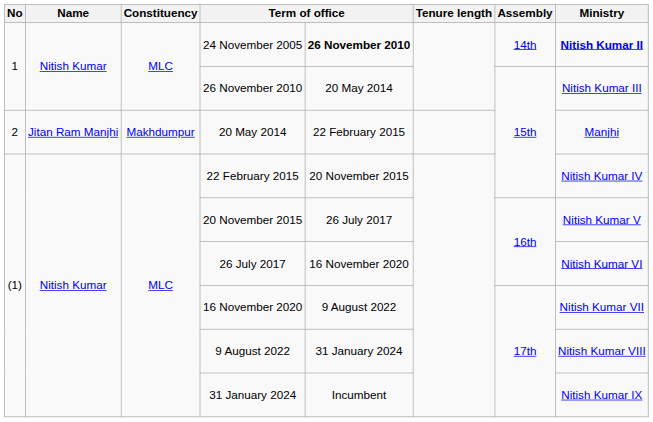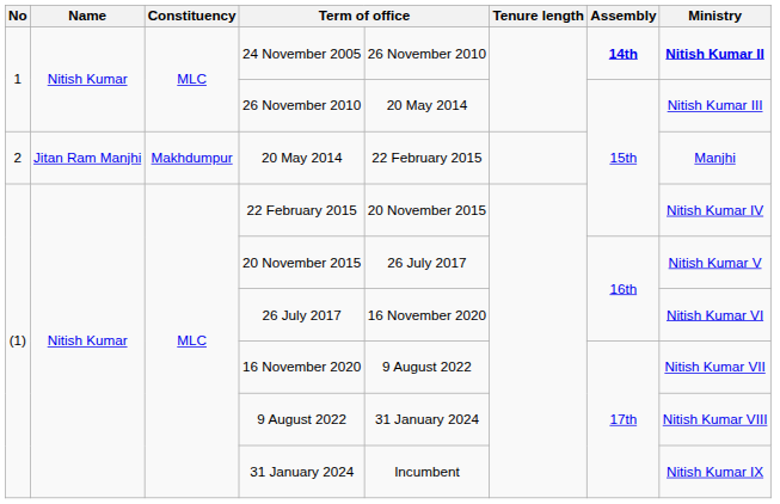 <table class="wikitable">
 <tr>
 <th style="background-color:">No</th>
 <th style="background-color:">Name</th>
 <th style="background-color:">Constituency</th>
 <th colspan=2; style="background-color:">Term of office</th>
 <th style="background-color:">Tenure length</th>
 <th style="background-color:">Assembly</th>
 <th style="background-color:">Ministry</th>
 </tr>
 <tr style="text-align:center; height:60px;">
 <td rowspan=2>1</td>
 <td rowspan=2><a href='#'>Nitish Kumar</a></td>
 <td rowspan=2><a href='#'>MLC</a></td>
 <td>24 November 2005</td>
-<td><strong>26 November 2010</strong></td>
+<td>26 November 2010</td>
 <td rowspan=2></td>
-<td><a href='#'>14th</a></td>
+<td><strong><a href='#'>14th</a></strong></td>
 <td><strong><a href='#'>Nitish Kumar II</a></strong></td>
 </tr>
 <tr style="text-align:center; height:60px;">
 <td>26 November 2010</td>
 <td>20 May 2014</td>
 <td rowspan=3><a href='#'>15th</a></td>
 <td><a href='#'>Nitish Kumar III</a></td>
 </tr>
 <tr style="text-align:center; height:60px;">
 <td>2</td>
 <td><a href='#'>Jitan Ram Manjhi</a></td>
 <td><a href='#'>Makhdumpur</a></td>
 <td>20 May 2014</td>
 <td>22 February 2015</td>
 <td></td>
 <td><a href='#'>Manjhi</a></td>
 </tr>
 <tr style="text-align:center; height:60px;">
 <td rowspan=6>(1)</td>
 <td rowspan=6><a href='#'>Nitish Kumar</a></td>
 <td rowspan=6><a href='#'>MLC</a></td>
 <td>22 February 2015</td>
 <td>20 November 2015</td>
 <td rowspan=6></td>
 <td><a href='#'>Nitish Kumar IV</a></td>
 </tr>
 <tr style="text-align:center; height:60px;">
 <td>20 November 2015</td>
 <td>26 July 2017</td>
 <td rowspan=2><a href='#'>16th</a></td>
 <td><a href='#'>Nitish Kumar V</a></td>
 </tr>
 <tr style="text-align:center; height:60px;">
 <td>26 July 2017</td>
 <td>16 November 2020</td>
 <td><a href='#'>Nitish Kumar VI</a></td>
 </tr>
 <tr style="text-align:center; height:60px;">
 <td>16 November 2020</td>
 <td>9 August 2022</td>
 <td rowspan=3><a href='#'>17th</a></td>
 <td><a href='#'>Nitish Kumar VII</a></td>
 </tr>
 <tr style="text-align:center; height:60px;">
 <td>9 August 2022</td>
 <td>31 January 2024</td>
 <td><a href='#'>Nitish Kumar VIII</a></td>
 </tr>
 <tr style="text-align:center; height:60px;">
 <td>31 January 2024</td>
 <td>Incumbent</td>
 <td><a href='#'>Nitish Kumar IX</a></td>
 </tr>
 </table>
